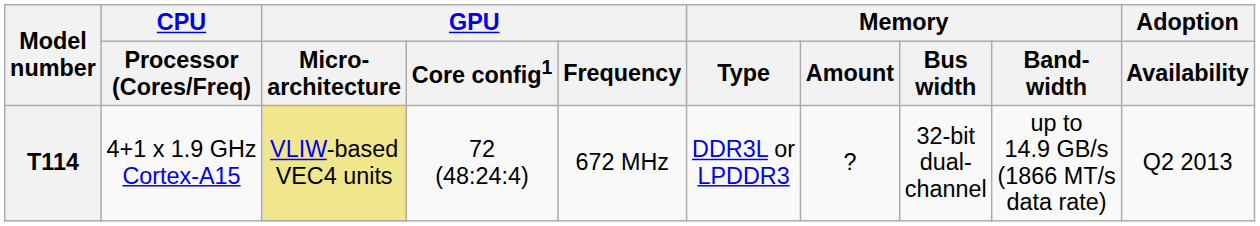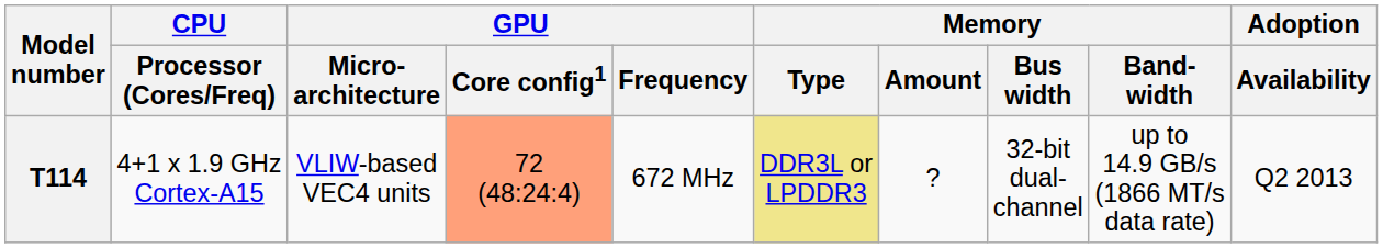 <table class="wikitable" style="text-align:center;">
 <tr>
 <th rowspan=2>Model<br>number</th>
 <th><a href='#'>CPU</a></th>
 <th colspan=3><a href='#'>GPU</a></th>
 <th colspan=4>Memory</th>
 <th>Adoption</th>
 </tr>
 <tr>
 <th>Processor<br>(Cores/Freq)</th>
 <th>Micro-<br>architecture</th>
 <th>Core config<sup>1</sup></th>
 <th>Frequency</th>
 <th>Type</th>
 <th>Amount</th>
 <th>Bus<br>width</th>
 <th>Band-<br>width</th>
 <th>Availability</th>
 </tr>
 <tr>
 <th>T114</th>
 <td>4+1 x 1.9 GHz <br><a href='#'>Cortex-A15</a> </td>
-<td style="background: khaki;"><a href='#'>VLIW</a>-based <br>VEC4 units</td>
-<td>72<br>(48:24:4)</td>
+<td><a href='#'>VLIW</a>-based <br>VEC4 units</td>
+<td style="background: lightsalmon;">72<br>(48:24:4)</td>
 <td>672 MHz</td>
-<td><a href='#'>DDR3L</a> or <br><a href='#'>LPDDR3</a></td>
+<td style="background: khaki;"><a href='#'>DDR3L</a> or <br><a href='#'>LPDDR3</a></td>
 <td>?</td>
 <td>32-bit <br>dual-<br>channel</td>
 <td>up to <br>14.9 GB/s <br>(1866 MT/s <br>data rate)</td>
 <td>Q2 2013</td>
 </tr>
 </table>
